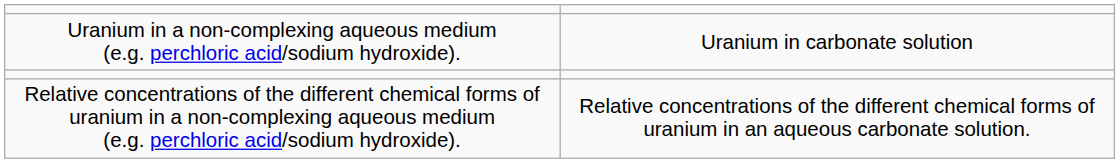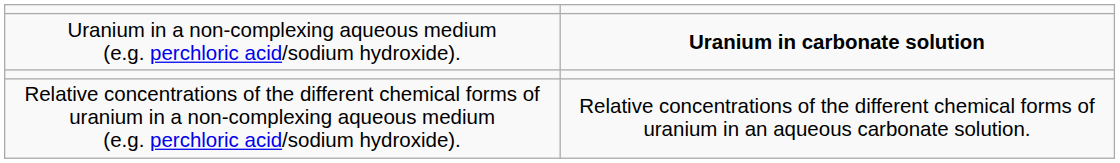 <table class="wikitable" style="text-align:center; float:center">
 <tr>
 <td width=50%></td>
 <td width=50%></td>
 </tr>
 <tr>
 <td>Uranium in a non-complexing aqueous medium<br>(e.g. <a href='#'>perchloric acid</a>/sodium hydroxide).</td>
-<td>Uranium in carbonate solution</td>
+<td><strong>Uranium in carbonate solution</strong></td>
 </tr>
 <tr>
 <td></td>
 <td></td>
 </tr>
 <tr>
 <td>Relative concentrations of the different chemical forms of uranium in a non-complexing aqueous medium<br>(e.g. <a href='#'>perchloric acid</a>/sodium hydroxide).</td>
 <td>Relative concentrations of the different chemical forms of uranium in an aqueous carbonate solution.</td>
 </tr>
 </table>
